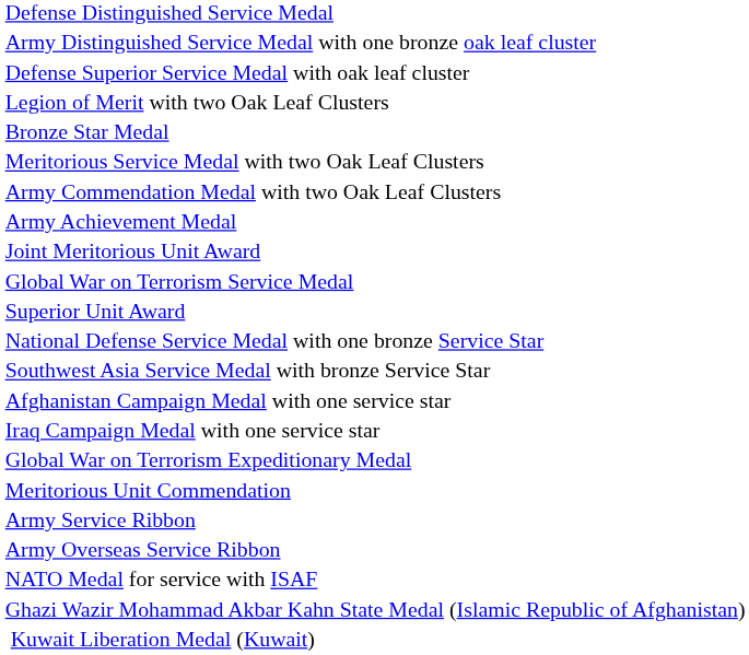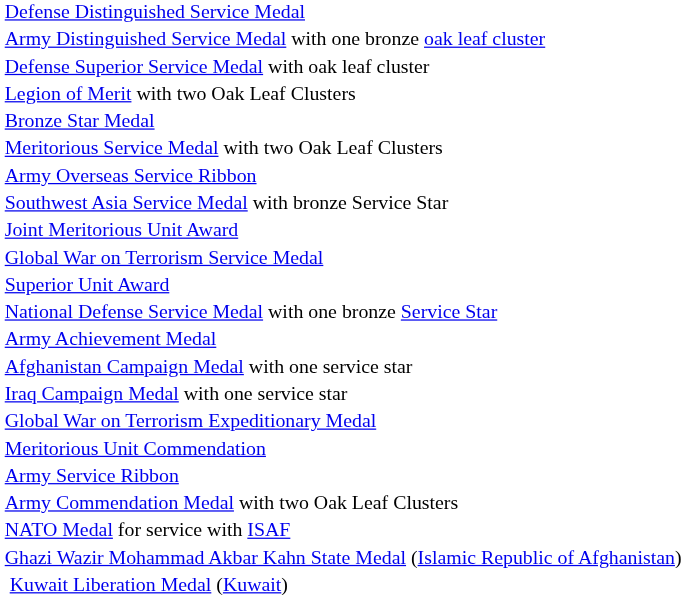 <table>
 <tr>
 <td> <a href='#'>Defense Distinguished Service Medal</a></td>
 </tr>
 <tr>
 <td> <a href='#'>Army Distinguished Service Medal</a> with one bronze <a href='#'>oak leaf cluster</a></td>
 </tr>
 <tr>
 <td> <a href='#'>Defense Superior Service Medal</a> with oak leaf cluster</td>
 </tr>
 <tr>
 <td><span></span><span></span> <a href='#'>Legion of Merit</a> with two Oak Leaf Clusters</td>
 </tr>
 <tr>
 <td> <a href='#'>Bronze Star Medal</a></td>
 </tr>
 <tr>
 <td><span></span><span></span> <a href='#'>Meritorious Service Medal</a> with two Oak Leaf Clusters</td>
 </tr>
 <tr>
-<td><span></span><span></span> <a href='#'>Army Commendation Medal</a> with two Oak Leaf Clusters</td>
+<td> <a href='#'>Army Overseas Service Ribbon</a></td>
 </tr>
 <tr>
-<td> <a href='#'>Army Achievement Medal</a></td>
+<td> <a href='#'>Southwest Asia Service Medal</a> with bronze Service Star</td>
 </tr>
 <tr>
 <td> <a href='#'>Joint Meritorious Unit Award</a></td>
 </tr>
 <tr>
 <td> <a href='#'>Global War on Terrorism Service Medal</a></td>
 </tr>
 <tr>
 <td> <a href='#'>Superior Unit Award</a></td>
 </tr>
 <tr>
 <td> <a href='#'>National Defense Service Medal</a> with one bronze <a href='#'>Service Star</a></td>
 </tr>
 <tr>
-<td> <a href='#'>Southwest Asia Service Medal</a> with bronze Service Star</td>
+<td> <a href='#'>Army Achievement Medal</a></td>
 </tr>
 <tr>
 <td> <a href='#'>Afghanistan Campaign Medal</a> with one service star</td>
 </tr>
 <tr>
 <td> <a href='#'>Iraq Campaign Medal</a> with one service star</td>
 </tr>
 <tr>
 <td> <a href='#'>Global War on Terrorism Expeditionary Medal</a></td>
 </tr>
 <tr>
 <td> <a href='#'>Meritorious Unit Commendation</a></td>
 </tr>
 <tr>
 <td> <a href='#'>Army Service Ribbon</a></td>
 </tr>
 <tr>
-<td> <a href='#'>Army Overseas Service Ribbon</a></td>
+<td><span></span><span></span> <a href='#'>Army Commendation Medal</a> with two Oak Leaf Clusters</td>
 </tr>
 <tr>
 <td> <a href='#'>NATO Medal</a> for service with <a href='#'>ISAF</a></td>
 </tr>
 <tr>
 <td> <a href='#'>Ghazi Wazir Mohammad Akbar Kahn State Medal</a> (<a href='#'>Islamic Republic of Afghanistan</a>)</td>
 </tr>
 <tr>
 <td> <a href='#'>Kuwait Liberation Medal</a> (<a href='#'>Kuwait</a>)</td>
 </tr>
 </table>
